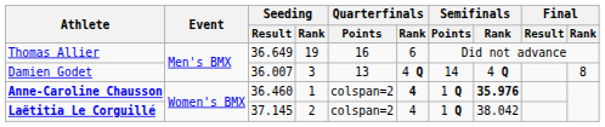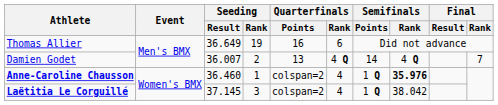 <table class=wikitable style="font-size:90%">
 <tr>
 <th rowspan="2">Athlete</th>
 <th rowspan="2">Event</th>
 <th colspan="2">Seeding</th>
 <th colspan="2">Quarterfinals</th>
 <th colspan="2">Semifinals</th>
 <th colspan="2">Final</th>
 </tr>
 <tr style="font-size:95%">
 <th>Result</th>
 <th>Rank</th>
 <th>Points</th>
 <th>Rank</th>
 <th>Points</th>
 <th>Rank</th>
 <th>Result</th>
 <th>Rank</th>
 </tr>
 <tr align=center>
 <td align=left><a href='#'>Thomas Allier</a></td>
 <td align=left rowspan=2><a href='#'>Men's BMX</a></td>
 <td>36.649</td>
 <td>19</td>
 <td>16</td>
 <td>6</td>
 <td colspan=4>Did not advance</td>
 </tr>
 <tr align=center>
 <td align=left><a href='#'>Damien Godet</a></td>
 <td>36.007</td>
-<td>3</td>
+<td>2</td>
 <td>13</td>
 <td>4 <strong>Q</strong></td>
 <td>14</td>
 <td>4 <strong>Q</strong></td>
 <td></td>
-<td>8</td>
+<td>7</td>
 </tr>
 <tr align=center>
 <td align=left><strong><a href='#'>Anne-Caroline Chausson</a></strong></td>
 <td align=left rowspan=2><a href='#'>Women's BMX</a></td>
 <td>36.460</td>
 <td>1</td>
 <td>colspan=2 </td>
-<td><strong>4</strong></td>
+<td>4</td>
 <td>1 <strong>Q</strong></td>
 <td><strong>35.976</strong></td>
 <td></td>
 </tr>
 <tr align=center>
 <td align=left><strong><a href='#'>Laëtitia Le Corguillé</a></strong></td>
 <td>37.145</td>
-<td>2</td>
+<td>3</td>
 <td>colspan=2 </td>
 <td>4</td>
 <td>1 <strong>Q</strong></td>
 <td>38.042</td>
 <td></td>
 </tr>
 </table>
